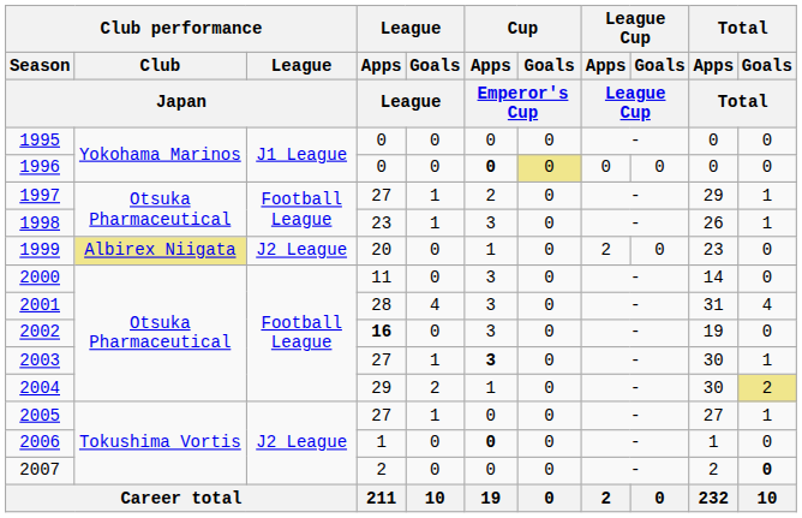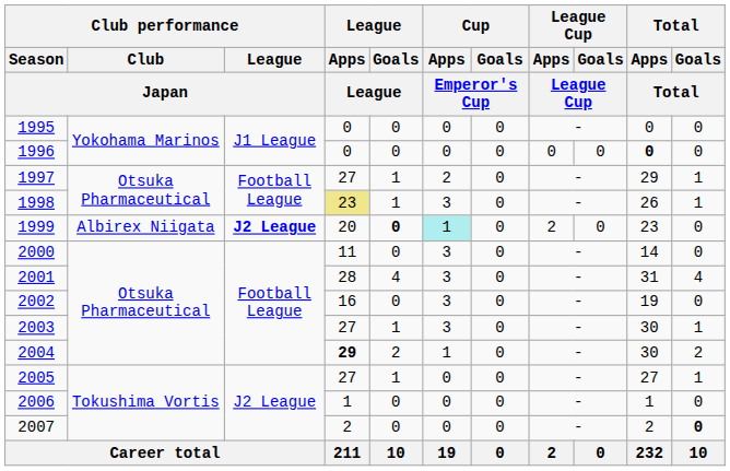 <table class="wikitable" style="text-align:center">
 <tr>
 <th colspan=3>Club performance</th>
 <th colspan=2>League</th>
 <th colspan=2>Cup</th>
 <th colspan=2>League Cup</th>
 <th colspan=2>Total</th>
 </tr>
 <tr>
 <th>Season</th>
 <th>Club</th>
 <th>League</th>
 <th>Apps</th>
 <th>Goals</th>
 <th>Apps</th>
 <th>Goals</th>
 <th>Apps</th>
 <th>Goals</th>
 <th>Apps</th>
 <th>Goals</th>
 </tr>
 <tr>
 <th colspan=3>Japan</th>
 <th colspan=2>League</th>
 <th colspan=2><a href='#'>Emperor's Cup</a></th>
 <th colspan=2><a href='#'>League Cup</a></th>
 <th colspan=2>Total</th>
 </tr>
 <tr>
 <td><a href='#'>1995</a></td>
 <td rowspan="2"><a href='#'>Yokohama Marinos</a></td>
 <td rowspan="2"><a href='#'>J1 League</a></td>
 <td>0</td>
 <td>0</td>
 <td>0</td>
 <td>0</td>
 <td colspan="2">-</td>
 <td>0</td>
 <td>0</td>
 </tr>
 <tr>
 <td><a href='#'>1996</a></td>
 <td>0</td>
 <td>0</td>
-<td><strong>0</strong></td>
-<td style="background: khaki;">0</td>
 <td>0</td>
 <td>0</td>
 <td>0</td>
+<td>0</td>
+<td><strong>0</strong></td>
 <td>0</td>
 </tr>
 <tr>
 <td><a href='#'>1997</a></td>
 <td rowspan="2"><a href='#'>Otsuka Pharmaceutical</a></td>
 <td rowspan="2"><a href='#'>Football League</a></td>
 <td>27</td>
 <td>1</td>
 <td>2</td>
 <td>0</td>
 <td colspan="2">-</td>
 <td>29</td>
 <td>1</td>
 </tr>
 <tr>
 <td><a href='#'>1998</a></td>
-<td>23</td>
+<td style="background: khaki;">23</td>
 <td>1</td>
 <td>3</td>
 <td>0</td>
 <td colspan="2">-</td>
 <td>26</td>
 <td>1</td>
 </tr>
 <tr>
 <td><a href='#'>1999</a></td>
-<td style="background: khaki;"><a href='#'>Albirex Niigata</a></td>
-<td><a href='#'>J2 League</a></td>
+<td><a href='#'>Albirex Niigata</a></td>
+<td><strong><a href='#'>J2 League</a></strong></td>
 <td>20</td>
-<td>0</td>
-<td>1</td>
+<td><strong>0</strong></td>
+<td style="background: paleturquoise;">1</td>
 <td>0</td>
 <td>2</td>
 <td>0</td>
 <td>23</td>
 <td>0</td>
 </tr>
 <tr>
 <td><a href='#'>2000</a></td>
 <td rowspan="5"><a href='#'>Otsuka Pharmaceutical</a></td>
 <td rowspan="5"><a href='#'>Football League</a></td>
 <td>11</td>
 <td>0</td>
 <td>3</td>
 <td>0</td>
 <td colspan="2">-</td>
 <td>14</td>
 <td>0</td>
 </tr>
 <tr>
 <td><a href='#'>2001</a></td>
 <td>28</td>
 <td>4</td>
 <td>3</td>
 <td>0</td>
 <td colspan="2">-</td>
 <td>31</td>
 <td>4</td>
 </tr>
 <tr>
 <td><a href='#'>2002</a></td>
-<td><strong>16</strong></td>
+<td>16</td>
 <td>0</td>
 <td>3</td>
 <td>0</td>
 <td colspan="2">-</td>
 <td>19</td>
 <td>0</td>
 </tr>
 <tr>
 <td><a href='#'>2003</a></td>
 <td>27</td>
 <td>1</td>
-<td><strong>3</strong></td>
+<td>3</td>
 <td>0</td>
 <td colspan="2">-</td>
 <td>30</td>
 <td>1</td>
 </tr>
 <tr>
 <td><a href='#'>2004</a></td>
-<td>29</td>
+<td><strong>29</strong></td>
 <td>2</td>
 <td>1</td>
 <td>0</td>
 <td colspan="2">-</td>
 <td>30</td>
-<td style="background: khaki;">2</td>
+<td>2</td>
 </tr>
 <tr>
 <td><a href='#'>2005</a></td>
 <td rowspan="3"><a href='#'>Tokushima Vortis</a></td>
 <td rowspan="3"><a href='#'>J2 League</a></td>
 <td>27</td>
 <td>1</td>
 <td>0</td>
 <td>0</td>
 <td colspan="2">-</td>
 <td>27</td>
 <td>1</td>
 </tr>
 <tr>
 <td><a href='#'>2006</a></td>
 <td>1</td>
 <td>0</td>
-<td><strong>0</strong></td>
+<td>0</td>
 <td>0</td>
 <td colspan="2">-</td>
 <td>1</td>
 <td>0</td>
 </tr>
 <tr>
 <td>2007</td>
 <td>2</td>
 <td>0</td>
 <td>0</td>
 <td>0</td>
 <td colspan="2">-</td>
 <td>2</td>
 <td><strong>0</strong></td>
 </tr>
 <tr>
 <th colspan=3>Career total</th>
 <th>211</th>
 <th>10</th>
 <th>19</th>
 <th>0</th>
 <th>2</th>
 <th>0</th>
 <th>232</th>
 <th>10</th>
 </tr>
 </table>
